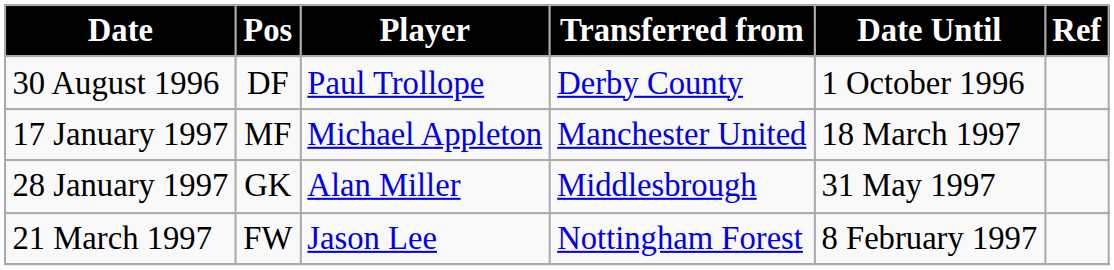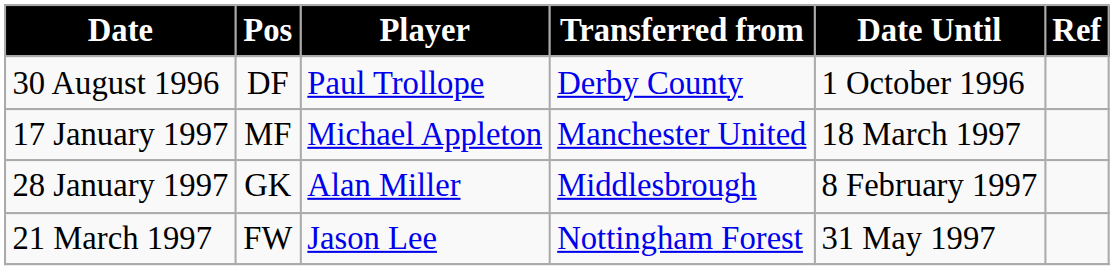 <table class="wikitable plainrowheaders sortable">
 <tr>
 <th style="background:#000000; color:#FFFFFF; ">Date</th>
 <th style="background:#000000; color:#FFFFff; ">Pos</th>
 <th style="background:#000000; color:#FFFFff; ">Player</th>
 <th style="background:#000000; color:#FFFFff; ">Transferred from</th>
 <th style="background:#000000; color:#FFFFff; ">Date Until</th>
 <th style="background:#000000; color:#FFFFff; ">Ref</th>
 </tr>
 <tr>
 <td>30 August 1996</td>
 <td align="center">DF</td>
 <td> <a href='#'>Paul Trollope</a></td>
 <td> <a href='#'>Derby County</a></td>
 <td>1 October 1996</td>
 <td></td>
 </tr>
 <tr>
 <td>17 January 1997</td>
 <td align="center">MF</td>
 <td> <a href='#'>Michael Appleton</a></td>
 <td> <a href='#'>Manchester United</a></td>
 <td>18 March 1997</td>
 <td></td>
 </tr>
 <tr>
 <td>28 January 1997</td>
 <td align="center">GK</td>
 <td> <a href='#'>Alan Miller</a></td>
 <td> <a href='#'>Middlesbrough</a></td>
-<td>31 May 1997</td>
+<td>8 February 1997</td>
 <td></td>
 </tr>
 <tr>
 <td>21 March 1997</td>
 <td align="center">FW</td>
 <td> <a href='#'>Jason Lee</a></td>
 <td> <a href='#'>Nottingham Forest</a></td>
-<td>8 February 1997</td>
+<td>31 May 1997</td>
 <td></td>
 </tr>
 <tr>
 </tr>
 </table>
